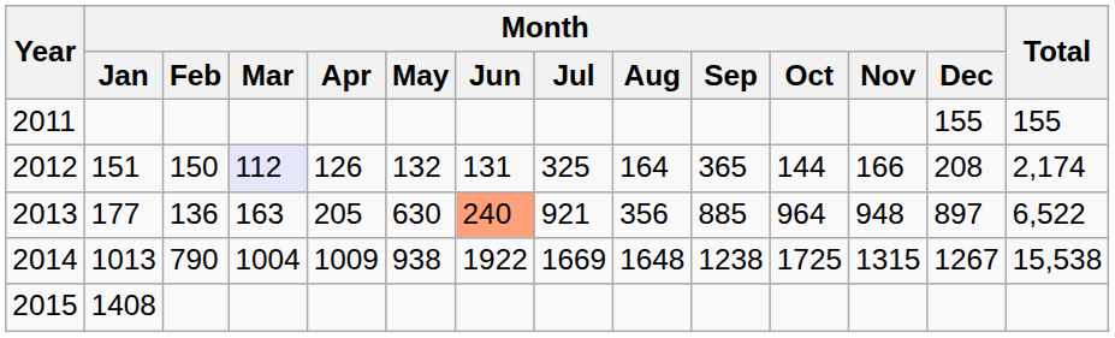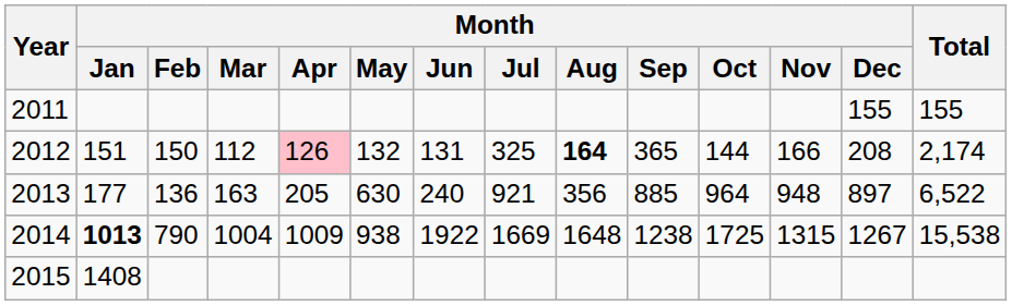 <table class="wikitable">
 <tr>
 <th rowspan="2" scope="col">Year</th>
 <th colspan="12" scope="col">Month</th>
 <th rowspan="2" scope="col">Total</th>
 </tr>
 <tr>
 <th scope="col">Jan</th>
 <th scope="col">Feb</th>
 <th scope="col">Mar</th>
 <th scope="col">Apr</th>
 <th scope="col">May</th>
 <th scope="col">Jun</th>
 <th scope="col">Jul</th>
 <th scope="col">Aug</th>
 <th scope="col">Sep</th>
 <th scope="col">Oct</th>
 <th scope="col">Nov</th>
 <th scope="col">Dec</th>
 </tr>
 <tr>
 <td>2011</td>
 <td></td>
 <td></td>
 <td></td>
 <td></td>
 <td></td>
 <td></td>
 <td></td>
 <td></td>
 <td></td>
 <td></td>
 <td></td>
 <td>155</td>
 <td>155</td>
 </tr>
 <tr>
 <td>2012</td>
 <td>151</td>
 <td>150</td>
-<td style="background: lavender;">112</td>
-<td>126</td>
+<td>112</td>
+<td style="background: pink;">126</td>
 <td>132</td>
 <td>131</td>
 <td>325</td>
-<td>164</td>
+<td><strong>164</strong></td>
 <td>365</td>
 <td>144</td>
 <td>166</td>
 <td>208</td>
 <td>2,174</td>
 </tr>
 <tr>
 <td>2013</td>
 <td>177</td>
 <td>136</td>
 <td>163</td>
 <td>205</td>
 <td>630</td>
-<td style="background: lightsalmon;">240</td>
+<td>240</td>
 <td>921</td>
 <td>356</td>
 <td>885</td>
 <td>964</td>
 <td>948</td>
 <td>897</td>
 <td>6,522</td>
 </tr>
 <tr>
 <td>2014</td>
-<td>1013</td>
+<td><strong>1013</strong></td>
 <td>790</td>
 <td>1004</td>
 <td>1009</td>
 <td>938</td>
 <td>1922</td>
 <td>1669</td>
 <td>1648</td>
 <td>1238</td>
 <td>1725</td>
 <td>1315</td>
 <td>1267</td>
 <td>15,538</td>
 </tr>
 <tr>
 <td>2015</td>
 <td>1408</td>
 <td></td>
 <td></td>
 <td></td>
 <td></td>
 <td></td>
 <td></td>
 <td></td>
 <td></td>
 <td></td>
 <td></td>
 <td></td>
 <td></td>
 </tr>
 </table>
